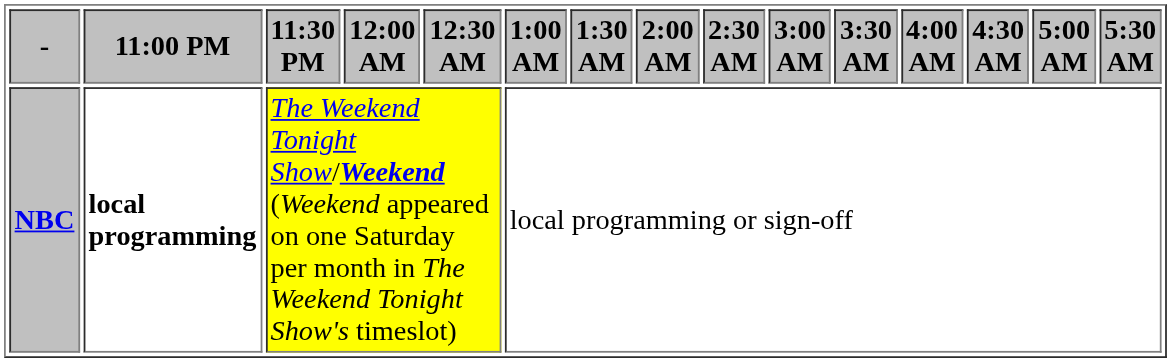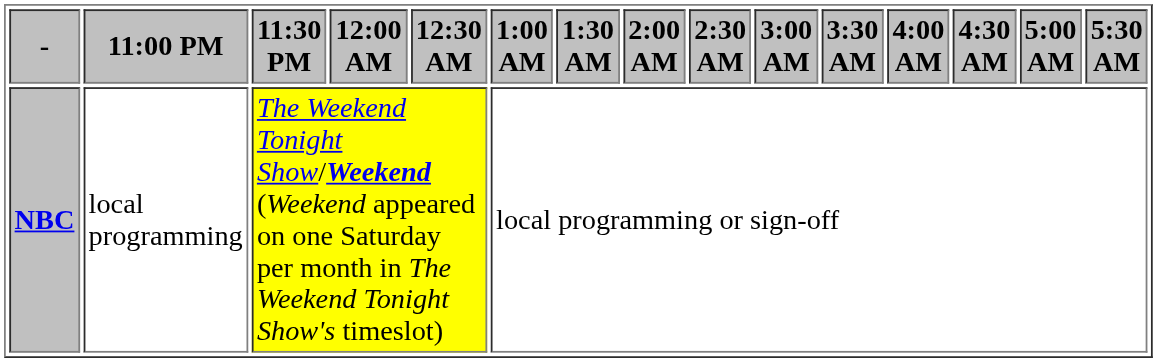 <table border="1" cellpadding="2">
 <tr>
 <th bgcolor="#C0C0C0">-</th>
 <th width="13%" bgcolor="#C0C0C0">11:00 PM</th>
 <th width="14%" bgcolor="#C0C0C0">11:30 PM</th>
 <th width="13%" bgcolor="#C0C0C0">12:00 AM</th>
 <th width="14%" bgcolor="#C0C0C0">12:30 AM</th>
 <th width="13%" bgcolor="#C0C0C0">1:00 AM</th>
 <th width="14%" bgcolor="#C0C0C0">1:30 AM</th>
 <th width="13%" bgcolor="#C0C0C0">2:00 AM</th>
 <th width="14%" bgcolor="#C0C0C0">2:30 AM</th>
 <th width="13%" bgcolor="#C0C0C0">3:00 AM</th>
 <th width="14%" bgcolor="#C0C0C0">3:30 AM</th>
 <th width="13%" bgcolor="#C0C0C0">4:00 AM</th>
 <th width="14%" bgcolor="#C0C0C0">4:30 AM</th>
 <th width="13%" bgcolor="#C0C0C0">5:00 AM</th>
 <th width="14%" bgcolor="#C0C0C0">5:30 AM</th>
 </tr>
 <tr>
 <th bgcolor="#C0C0C0"><a href='#'>NBC</a></th>
-<td bgcolor="white"><strong>local programming</strong></td>
+<td bgcolor="white">local programming</td>
 <td bgcolor="yellow" colspan="3"><a href='#'><em>The Weekend Tonight Show</em></a>/<strong><a href='#'><em>Weekend</em></a></strong> (<em>Weekend</em> appeared on one Saturday per month in <em>The Weekend Tonight Show's</em> timeslot)</td>
 <td bgcolor="white" colspan="10">local programming or sign-off</td>
 </tr>
 </table>
